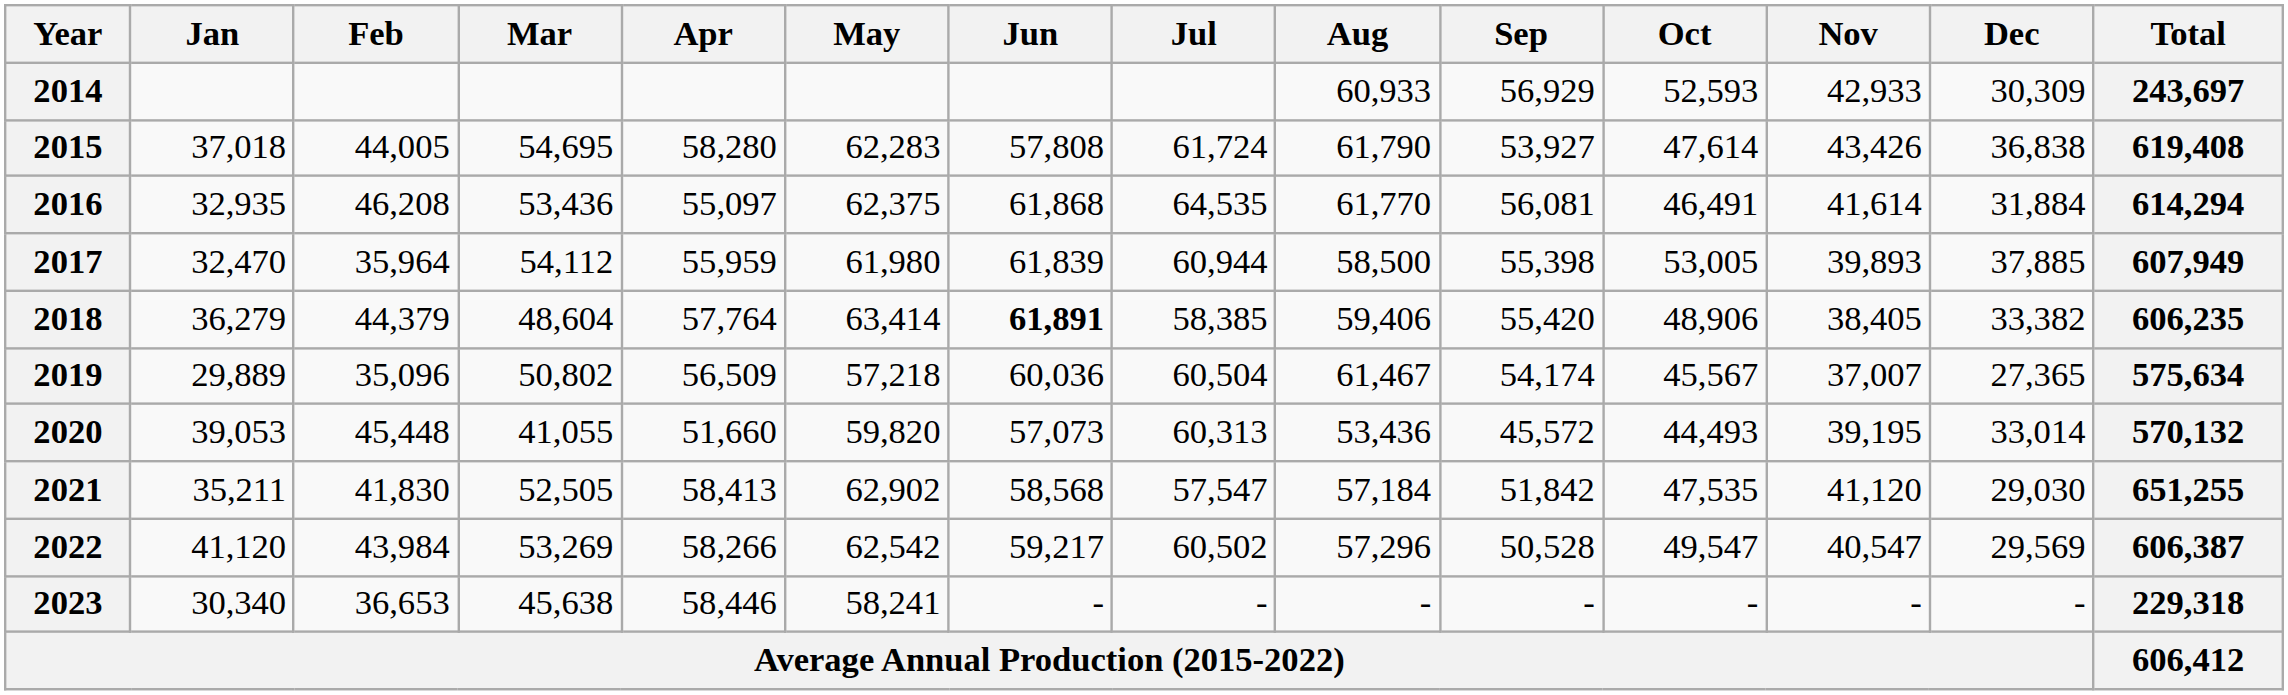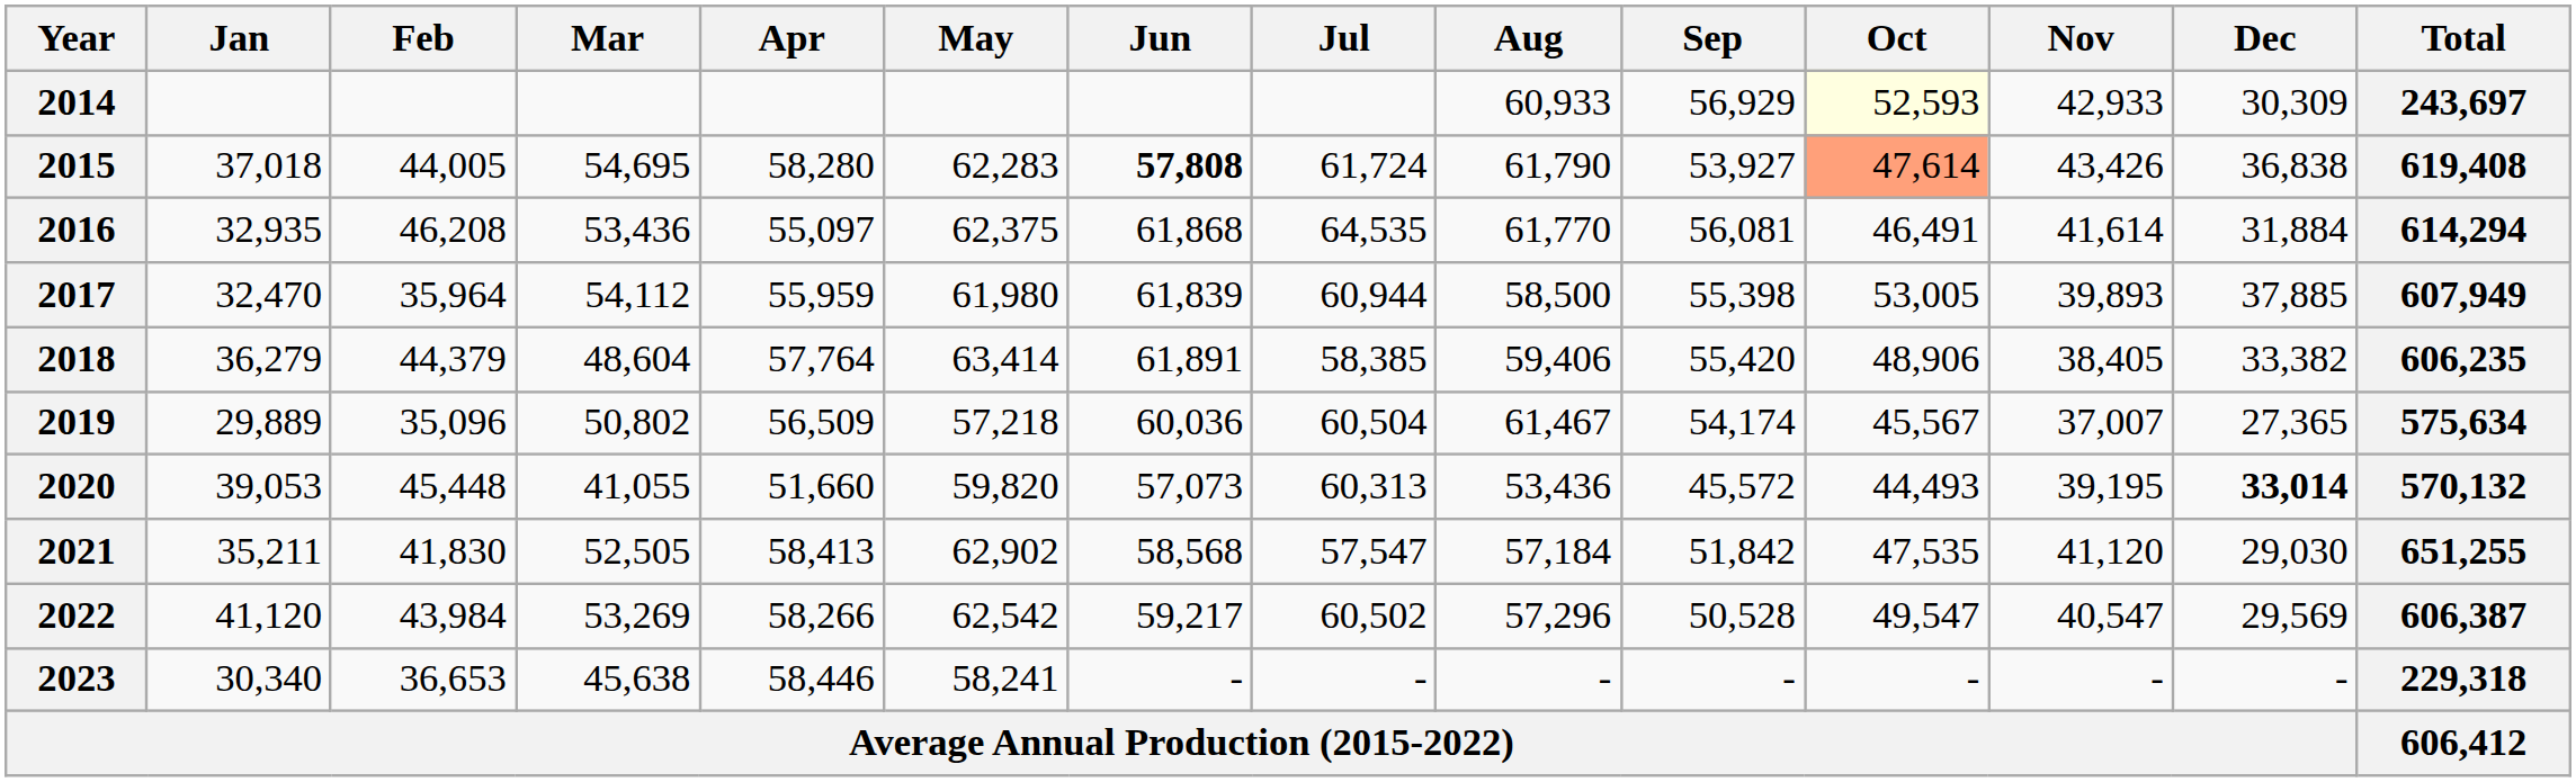 <table class=wikitable style="text-align:right; font-size:0.9em; width:950px;">
 <tr>
 <th>Year</th>
 <th>Jan</th>
 <th>Feb</th>
 <th>Mar</th>
 <th>Apr</th>
 <th>May</th>
 <th>Jun</th>
 <th>Jul</th>
 <th>Aug</th>
 <th>Sep</th>
 <th>Oct</th>
 <th>Nov</th>
 <th>Dec</th>
 <th>Total</th>
 </tr>
 <tr>
 <th>2014</th>
 <td></td>
 <td></td>
 <td></td>
 <td></td>
 <td></td>
 <td></td>
 <td></td>
 <td>60,933</td>
 <td>56,929</td>
-<td>52,593</td>
+<td style="background: lightyellow;">52,593</td>
 <td>42,933</td>
 <td>30,309</td>
 <th>243,697</th>
 </tr>
 <tr>
 <th>2015</th>
 <td>37,018</td>
 <td>44,005</td>
 <td>54,695</td>
 <td>58,280</td>
 <td>62,283</td>
-<td>57,808</td>
+<td><strong>57,808</strong></td>
 <td>61,724</td>
 <td>61,790</td>
 <td>53,927</td>
-<td>47,614</td>
+<td style="background: lightsalmon;">47,614</td>
 <td>43,426</td>
 <td>36,838</td>
 <th>619,408</th>
 </tr>
 <tr>
 <th>2016</th>
 <td>32,935</td>
 <td>46,208</td>
 <td>53,436</td>
 <td>55,097</td>
 <td>62,375</td>
 <td>61,868</td>
 <td>64,535</td>
 <td>61,770</td>
 <td>56,081</td>
 <td>46,491</td>
 <td>41,614</td>
 <td>31,884</td>
 <th>614,294</th>
 </tr>
 <tr>
 <th>2017</th>
 <td>32,470</td>
 <td>35,964</td>
 <td>54,112</td>
 <td>55,959</td>
 <td>61,980</td>
 <td>61,839</td>
 <td>60,944</td>
 <td>58,500</td>
 <td>55,398</td>
 <td>53,005</td>
 <td>39,893</td>
 <td>37,885</td>
 <th>607,949</th>
 </tr>
 <tr>
 <th>2018</th>
 <td>36,279</td>
 <td>44,379</td>
 <td>48,604</td>
 <td>57,764</td>
 <td>63,414</td>
-<td><strong>61,891</strong></td>
+<td>61,891</td>
 <td>58,385</td>
 <td>59,406</td>
 <td>55,420</td>
 <td>48,906</td>
 <td>38,405</td>
 <td>33,382</td>
 <th>606,235</th>
 </tr>
 <tr>
 <th>2019</th>
 <td>29,889</td>
 <td>35,096</td>
 <td>50,802</td>
 <td>56,509</td>
 <td>57,218</td>
 <td>60,036</td>
 <td>60,504</td>
 <td>61,467</td>
 <td>54,174</td>
 <td>45,567</td>
 <td>37,007</td>
 <td>27,365</td>
 <th>575,634</th>
 </tr>
 <tr>
 <th>2020</th>
 <td>39,053</td>
 <td>45,448</td>
 <td>41,055</td>
 <td>51,660</td>
 <td>59,820</td>
 <td>57,073</td>
 <td>60,313</td>
 <td>53,436</td>
 <td>45,572</td>
 <td>44,493</td>
 <td>39,195</td>
-<td>33,014</td>
+<td><strong>33,014</strong></td>
 <th>570,132</th>
 </tr>
 <tr>
 <th>2021</th>
 <td>35,211</td>
 <td>41,830</td>
 <td>52,505</td>
 <td>58,413</td>
 <td>62,902</td>
 <td>58,568</td>
 <td>57,547</td>
 <td>57,184</td>
 <td>51,842</td>
 <td>47,535</td>
 <td>41,120</td>
 <td>29,030</td>
 <th>651,255</th>
 </tr>
 <tr>
 <th>2022</th>
 <td>41,120</td>
 <td>43,984</td>
 <td>53,269</td>
 <td>58,266</td>
 <td>62,542</td>
 <td>59,217</td>
 <td>60,502</td>
 <td>57,296</td>
 <td>50,528</td>
 <td>49,547</td>
 <td>40,547</td>
 <td>29,569</td>
 <th>606,387</th>
 </tr>
 <tr>
 <th>2023</th>
 <td>30,340</td>
 <td>36,653</td>
 <td>45,638</td>
 <td>58,446</td>
 <td>58,241</td>
 <td>-</td>
 <td>-</td>
 <td>-</td>
 <td>-</td>
 <td>-</td>
 <td>-</td>
 <td>-</td>
 <th>229,318</th>
 </tr>
 <tr>
 <th colspan="13">Average Annual Production (2015-2022)</th>
 <th>606,412</th>
 </tr>
 </table>
